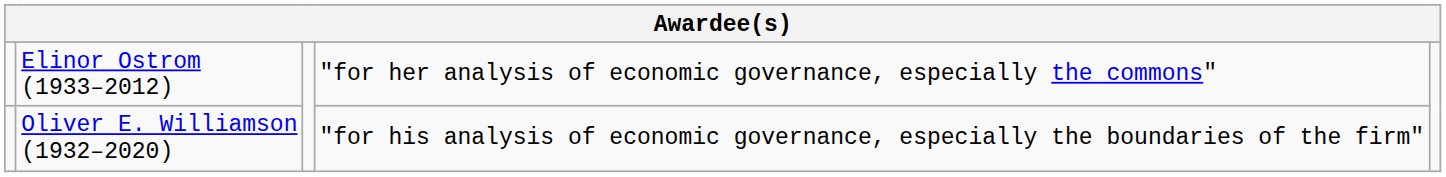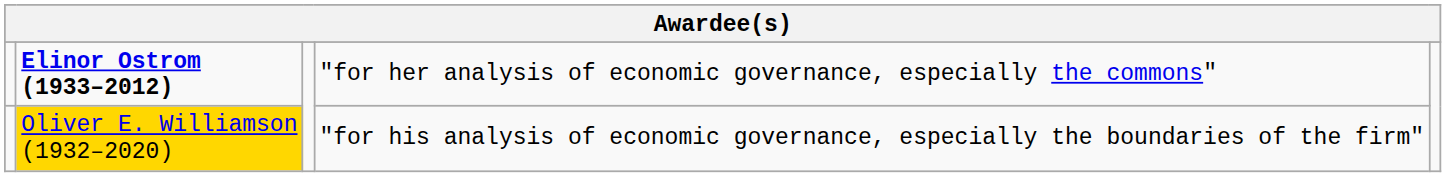 <table class="wikitable">
 <tr>
 <th colspan="5">Awardee(s)</th>
 </tr>
 <tr>
 <td></td>
-<td><a href='#'>Elinor Ostrom</a><br>(1933–2012)</td>
+<td><strong><a href='#'>Elinor Ostrom</a><br>(1933–2012)</strong></td>
 <td rowspan="2"></td>
 <td>"for her analysis of economic governance, especially <a href='#'>the commons</a>"</td>
 <td rowspan="2"></td>
 </tr>
 <tr>
 <td></td>
-<td><a href='#'>Oliver E. Williamson</a><br>(1932–2020)</td>
+<td style="background: gold;"><a href='#'>Oliver E. Williamson</a><br>(1932–2020)</td>
 <td>"for his analysis of economic governance, especially the boundaries of the firm"</td>
 </tr>
 </table>
